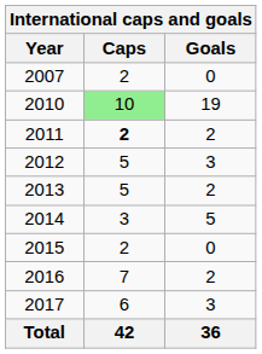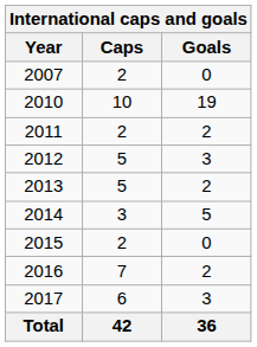 <table class="wikitable sortable" style="text-align:center">
 <tr>
 <th colspan="3">International caps and goals</th>
 </tr>
 <tr>
 <th>Year</th>
 <th>Caps</th>
 <th>Goals</th>
 </tr>
 <tr>
 <td>2007</td>
 <td>2</td>
 <td>0</td>
 </tr>
 <tr>
 <td>2010</td>
-<td style="background: lightgreen;">10</td>
+<td>10</td>
 <td>19</td>
 </tr>
 <tr>
 <td>2011</td>
-<td><strong>2</strong></td>
+<td>2</td>
 <td>2</td>
 </tr>
 <tr>
 <td>2012</td>
 <td>5</td>
 <td>3</td>
 </tr>
 <tr>
 <td>2013</td>
 <td>5</td>
 <td>2</td>
 </tr>
 <tr>
 <td>2014</td>
 <td>3</td>
 <td>5</td>
 </tr>
 <tr>
 <td>2015</td>
 <td>2</td>
 <td>0</td>
 </tr>
 <tr>
 <td>2016</td>
 <td>7</td>
 <td>2</td>
 </tr>
 <tr>
 <td>2017</td>
 <td>6</td>
 <td>3</td>
 </tr>
 <tr>
 <th>Total</th>
 <th>42</th>
 <th>36</th>
 </tr>
 </table>
